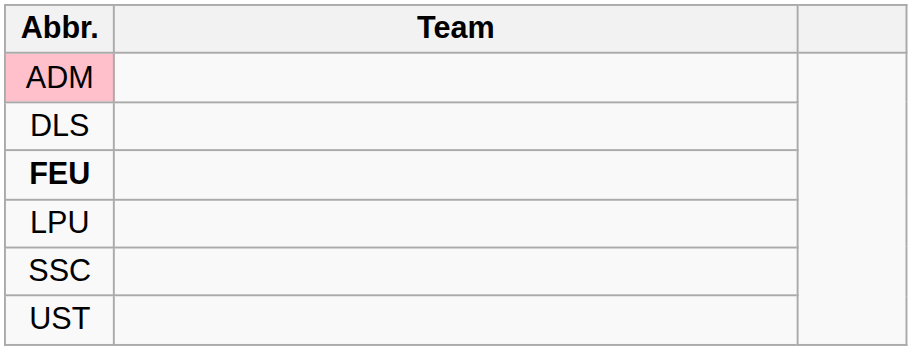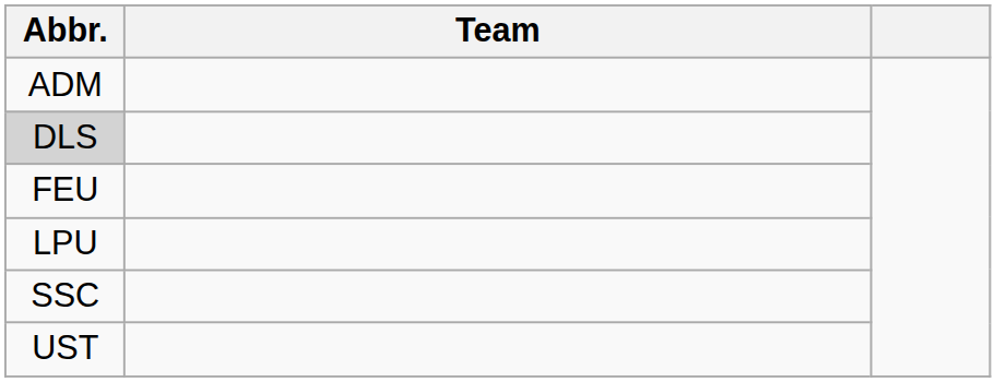 <table class="wikitable" style="text-align: center;">
 <tr>
 <th width=50>Abbr.</th>
 <th width=350>Team</th>
 <th width=50></th>
 </tr>
 <tr>
-<td style="background: pink;">ADM</td>
+<td>ADM</td>
 <td style="text-align:left;"></td>
 <td rowspan=6></td>
 </tr>
 <tr>
-<td>DLS</td>
+<td style="background: lightgrey;">DLS</td>
 <td style="text-align:left;"></td>
 </tr>
 <tr>
-<td><strong>FEU</strong></td>
+<td>FEU</td>
 <td style="text-align:left;"></td>
 </tr>
 <tr>
 <td>LPU</td>
 <td style="text-align:left;"></td>
 </tr>
 <tr>
 <td>SSC</td>
 <td style="text-align:left;"></td>
 </tr>
 <tr>
 <td>UST</td>
 <td style="text-align:left;"></td>
 </tr>
 </table>
